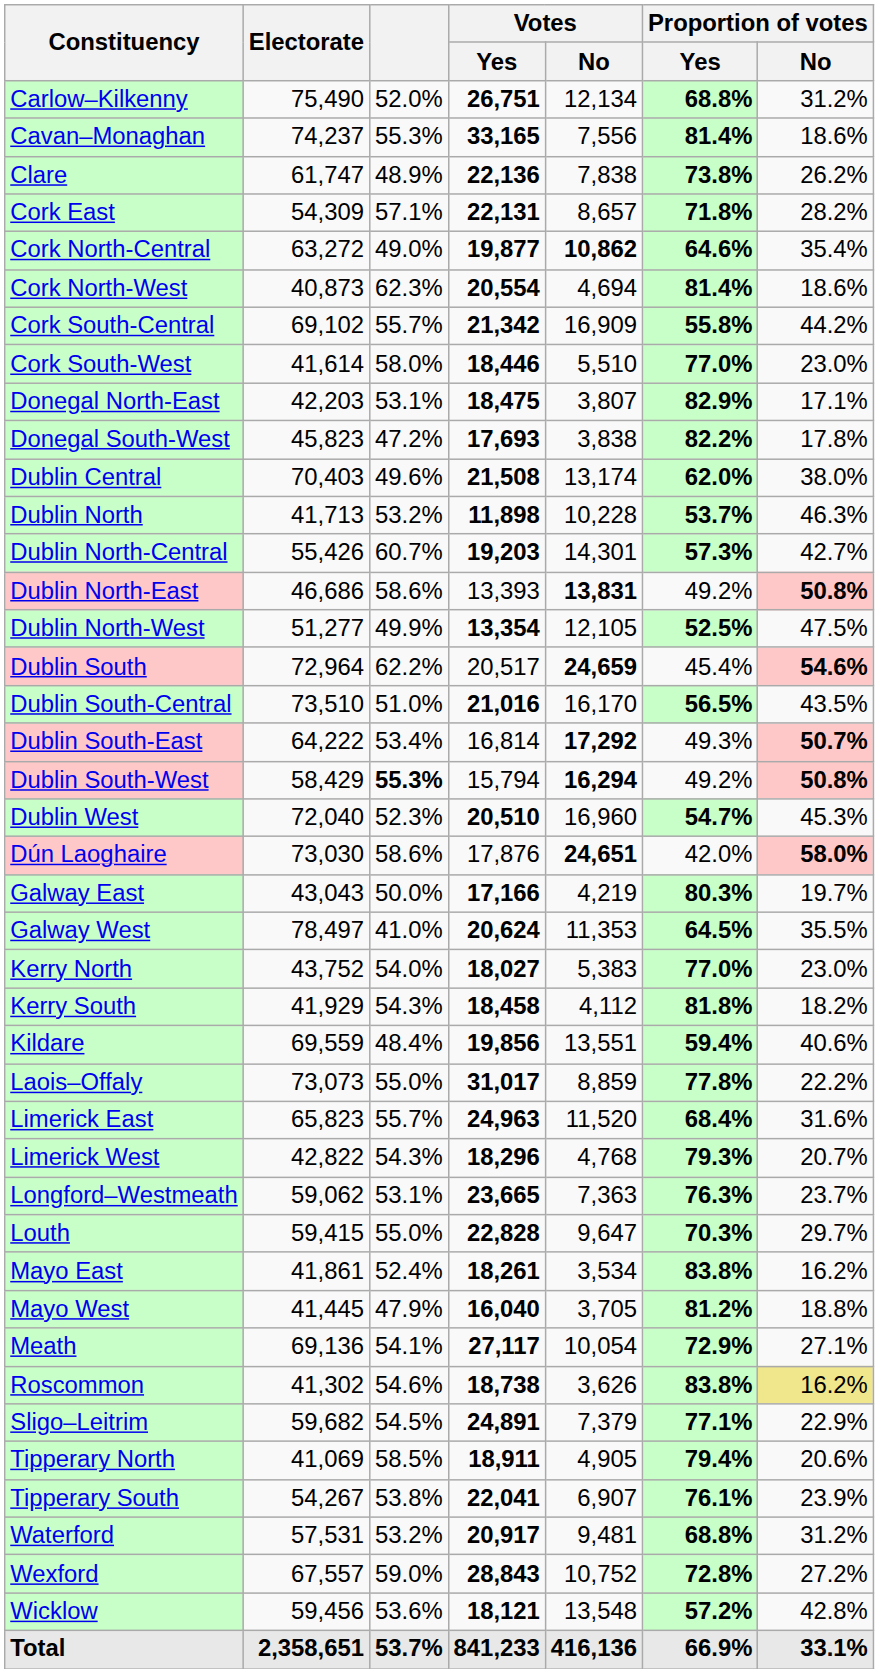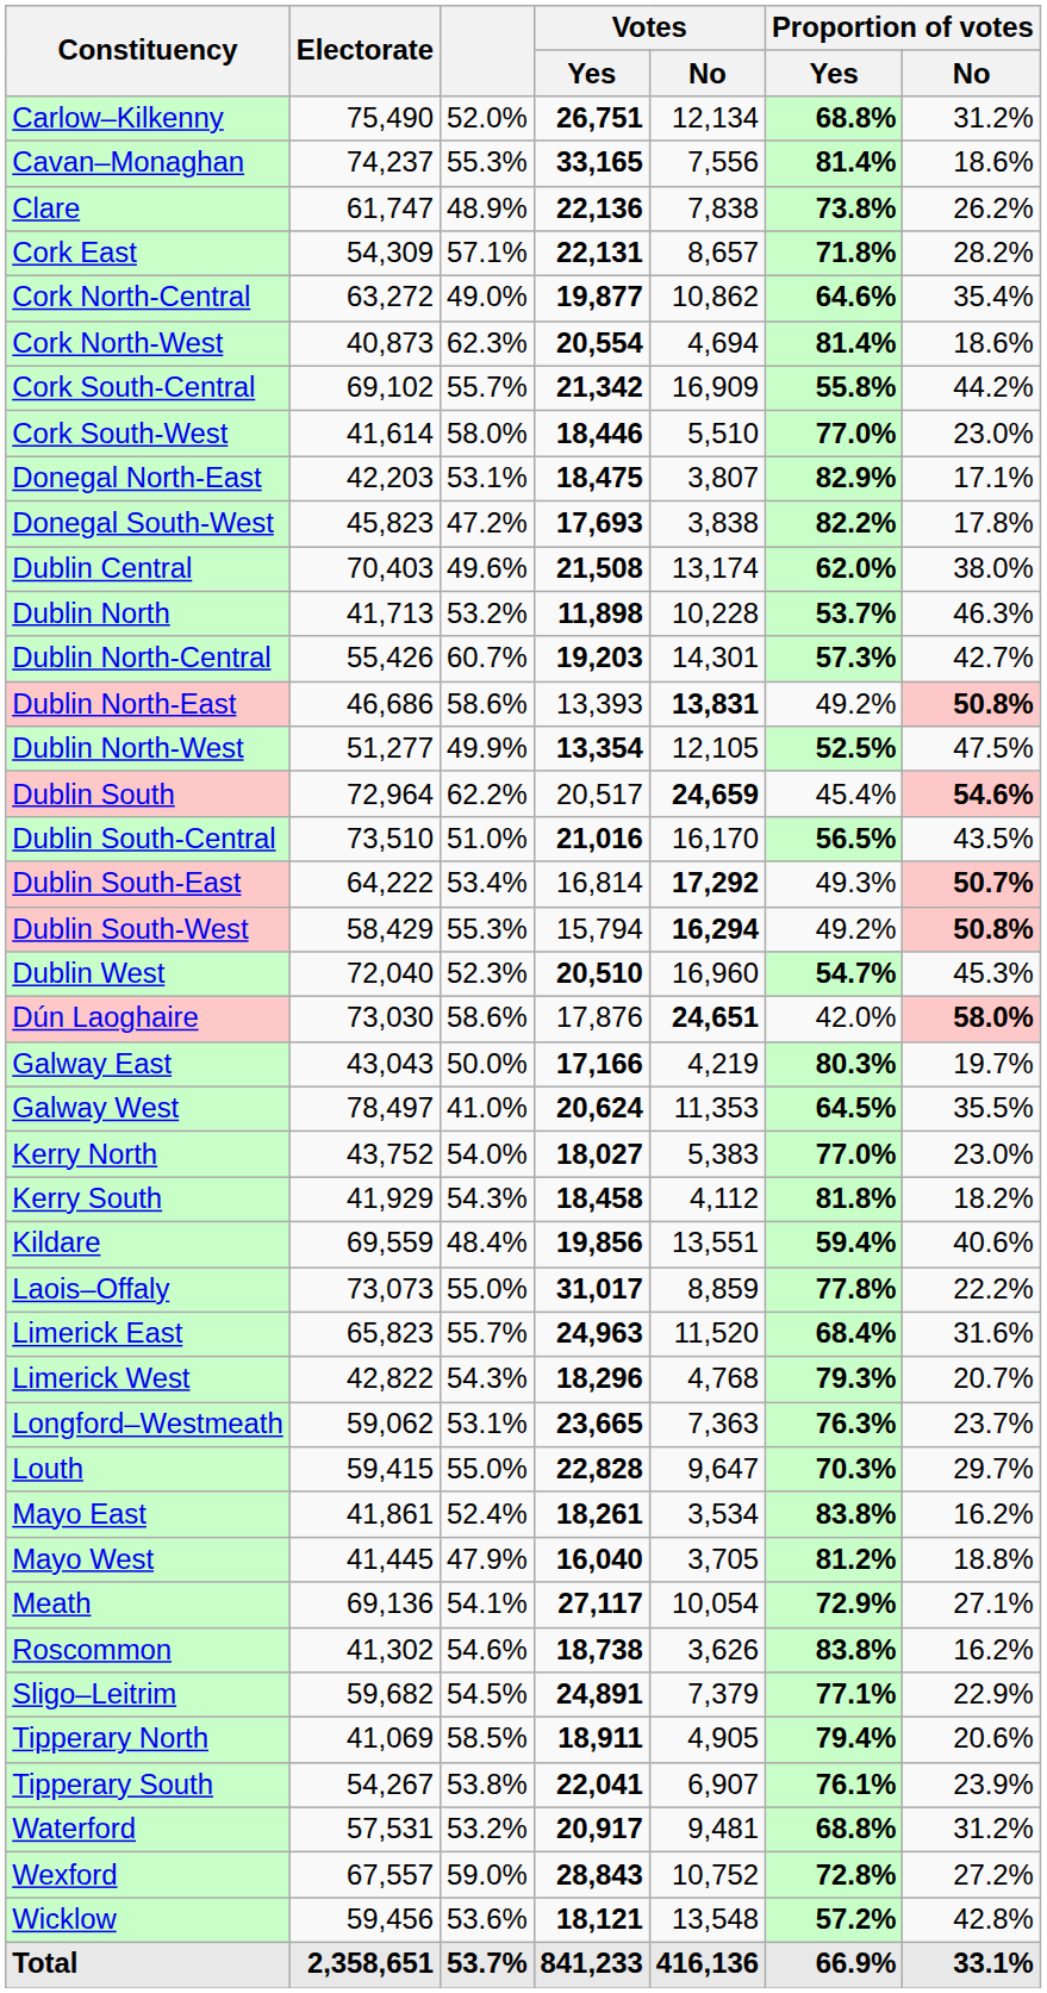 <table class="wikitable sortable">
 <tr>
 <th rowspan=2>Constituency</th>
 <th rowspan=2>Electorate</th>
 <th rowspan=2></th>
 <th colspan=2>Votes</th>
 <th colspan=2>Proportion of votes</th>
 </tr>
 <tr>
 <th>Yes</th>
 <th>No</th>
 <th>Yes</th>
 <th>No</th>
 </tr>
 <tr>
 <td style="background:#c8ffc8;"><a href='#'>Carlow–Kilkenny</a></td>
 <td style="text-align: right;">75,490</td>
 <td style="text-align: right;">52.0%</td>
 <td style="text-align: right;"><strong>26,751</strong></td>
 <td style="text-align: right;">12,134</td>
 <td style="text-align: right; background:#c8ffc8;"><strong>68.8%</strong></td>
 <td style="text-align: right;">31.2%</td>
 </tr>
 <tr>
 <td style="background:#c8ffc8;"><a href='#'>Cavan–Monaghan</a></td>
 <td style="text-align: right;">74,237</td>
 <td style="text-align: right;">55.3%</td>
 <td style="text-align: right;"><strong>33,165</strong></td>
 <td style="text-align: right;">7,556</td>
 <td style="text-align: right; background:#c8ffc8;"><strong>81.4%</strong></td>
 <td style="text-align: right;">18.6%</td>
 </tr>
 <tr>
 <td style="background:#c8ffc8;"><a href='#'>Clare</a></td>
 <td style="text-align: right;">61,747</td>
 <td style="text-align: right;">48.9%</td>
 <td style="text-align: right;"><strong>22,136</strong></td>
 <td style="text-align: right;">7,838</td>
 <td style="text-align: right; background:#c8ffc8;"><strong>73.8%</strong></td>
 <td style="text-align: right;">26.2%</td>
 </tr>
 <tr>
 <td style="background:#c8ffc8;"><a href='#'>Cork East</a></td>
 <td style="text-align: right;">54,309</td>
 <td style="text-align: right;">57.1%</td>
 <td style="text-align: right;"><strong>22,131</strong></td>
 <td style="text-align: right;">8,657</td>
 <td style="text-align: right; background:#c8ffc8;"><strong>71.8%</strong></td>
 <td style="text-align: right;">28.2%</td>
 </tr>
 <tr>
 <td style="background:#c8ffc8;"><a href='#'>Cork North-Central</a></td>
 <td style="text-align: right;">63,272</td>
 <td style="text-align: right;">49.0%</td>
 <td style="text-align: right;"><strong>19,877</strong></td>
-<td style="text-align: right;"><strong>10,862</strong></td>
+<td style="text-align: right;">10,862</td>
 <td style="text-align: right; background:#c8ffc8;"><strong>64.6%</strong></td>
 <td style="text-align: right;">35.4%</td>
 </tr>
 <tr>
 <td style="background:#c8ffc8;"><a href='#'>Cork North-West</a></td>
 <td style="text-align: right;">40,873</td>
 <td style="text-align: right;">62.3%</td>
 <td style="text-align: right;"><strong>20,554</strong></td>
 <td style="text-align: right;">4,694</td>
 <td style="text-align: right; background:#c8ffc8;"><strong>81.4%</strong></td>
 <td style="text-align: right;">18.6%</td>
 </tr>
 <tr>
 <td style="background:#c8ffc8;"><a href='#'>Cork South-Central</a></td>
 <td style="text-align: right;">69,102</td>
 <td style="text-align: right;">55.7%</td>
 <td style="text-align: right;"><strong>21,342</strong></td>
 <td style="text-align: right;">16,909</td>
 <td style="text-align: right; background:#c8ffc8;"><strong>55.8%</strong></td>
 <td style="text-align: right;">44.2%</td>
 </tr>
 <tr>
 <td style="background:#c8ffc8;"><a href='#'>Cork South-West</a></td>
 <td style="text-align: right;">41,614</td>
 <td style="text-align: right;">58.0%</td>
 <td style="text-align: right;"><strong>18,446</strong></td>
 <td style="text-align: right;">5,510</td>
 <td style="text-align: right; background:#c8ffc8;"><strong>77.0%</strong></td>
 <td style="text-align: right;">23.0%</td>
 </tr>
 <tr>
 <td style="background:#c8ffc8;"><a href='#'>Donegal North-East</a></td>
 <td style="text-align: right;">42,203</td>
 <td style="text-align: right;">53.1%</td>
 <td style="text-align: right;"><strong>18,475</strong></td>
 <td style="text-align: right;">3,807</td>
 <td style="text-align: right; background:#c8ffc8;"><strong>82.9%</strong></td>
 <td style="text-align: right;">17.1%</td>
 </tr>
 <tr>
 <td style="background:#c8ffc8;"><a href='#'>Donegal South-West</a></td>
 <td style="text-align: right;">45,823</td>
 <td style="text-align: right;">47.2%</td>
 <td style="text-align: right;"><strong>17,693</strong></td>
 <td style="text-align: right;">3,838</td>
 <td style="text-align: right; background:#c8ffc8;"><strong>82.2%</strong></td>
 <td style="text-align: right;">17.8%</td>
 </tr>
 <tr>
 <td style="background:#c8ffc8;"><a href='#'>Dublin Central</a></td>
 <td style="text-align: right;">70,403</td>
 <td style="text-align: right;">49.6%</td>
 <td style="text-align: right;"><strong>21,508</strong></td>
 <td style="text-align: right;">13,174</td>
 <td style="text-align: right; background:#c8ffc8;"><strong>62.0%</strong></td>
 <td style="text-align: right;">38.0%</td>
 </tr>
 <tr>
 <td style="background:#c8ffc8;"><a href='#'>Dublin North</a></td>
 <td style="text-align: right;">41,713</td>
 <td style="text-align: right;">53.2%</td>
 <td style="text-align: right;"><strong>11,898</strong></td>
 <td style="text-align: right;">10,228</td>
 <td style="text-align: right; background:#c8ffc8;"><strong>53.7%</strong></td>
 <td style="text-align: right;">46.3%</td>
 </tr>
 <tr>
 <td style="background:#c8ffc8;"><a href='#'>Dublin North-Central</a></td>
 <td style="text-align: right;">55,426</td>
 <td style="text-align: right;">60.7%</td>
 <td style="text-align: right;"><strong>19,203</strong></td>
 <td style="text-align: right;">14,301</td>
 <td style="text-align: right; background:#c8ffc8;"><strong>57.3%</strong></td>
 <td style="text-align: right;">42.7%</td>
 </tr>
 <tr>
 <td style="background:#ffc8c8;"><a href='#'>Dublin North-East</a></td>
 <td style="text-align: right;">46,686</td>
 <td style="text-align: right;">58.6%</td>
 <td style="text-align: right;">13,393</td>
 <td style="text-align: right;"><strong>13,831</strong></td>
 <td style="text-align: right;">49.2%</td>
 <td style="text-align: right; background:#ffc8c8;"><strong>50.8%</strong></td>
 </tr>
 <tr>
 <td style="background:#c8ffc8;"><a href='#'>Dublin North-West</a></td>
 <td style="text-align: right;">51,277</td>
 <td style="text-align: right;">49.9%</td>
 <td style="text-align: right;"><strong>13,354</strong></td>
 <td style="text-align: right;">12,105</td>
 <td style="text-align: right; background:#c8ffc8;"><strong>52.5%</strong></td>
 <td style="text-align: right;">47.5%</td>
 </tr>
 <tr>
 <td style="background:#ffc8c8;"><a href='#'>Dublin South</a></td>
 <td style="text-align: right;">72,964</td>
 <td style="text-align: right;">62.2%</td>
 <td style="text-align: right;">20,517</td>
 <td style="text-align: right;"><strong>24,659</strong></td>
 <td style="text-align: right;">45.4%</td>
 <td style="text-align: right; background:#ffc8c8;"><strong>54.6%</strong></td>
 </tr>
 <tr>
 <td style="background:#c8ffc8;"><a href='#'>Dublin South-Central</a></td>
 <td style="text-align: right;">73,510</td>
 <td style="text-align: right;">51.0%</td>
 <td style="text-align: right;"><strong>21,016</strong></td>
 <td style="text-align: right;">16,170</td>
 <td style="text-align: right; background:#c8ffc8;"><strong>56.5%</strong></td>
 <td style="text-align: right;">43.5%</td>
 </tr>
 <tr>
 <td style="background:#ffc8c8;"><a href='#'>Dublin South-East</a></td>
 <td style="text-align: right;">64,222</td>
 <td style="text-align: right;">53.4%</td>
 <td style="text-align: right;">16,814</td>
 <td style="text-align: right;"><strong>17,292</strong></td>
 <td style="text-align: right;">49.3%</td>
 <td style="text-align: right; background:#ffc8c8;"><strong>50.7%</strong></td>
 </tr>
 <tr>
 <td style="background:#ffc8c8;"><a href='#'>Dublin South-West</a></td>
 <td style="text-align: right;">58,429</td>
-<td style="text-align: right;"><strong>55.3%</strong></td>
+<td style="text-align: right;">55.3%</td>
 <td style="text-align: right;">15,794</td>
 <td style="text-align: right;"><strong>16,294</strong></td>
 <td style="text-align: right;">49.2%</td>
 <td style="text-align: right; background:#ffc8c8;"><strong>50.8%</strong></td>
 </tr>
 <tr>
 <td style="background:#c8ffc8;"><a href='#'>Dublin West</a></td>
 <td style="text-align: right;">72,040</td>
 <td style="text-align: right;">52.3%</td>
 <td style="text-align: right;"><strong>20,510</strong></td>
 <td style="text-align: right;">16,960</td>
 <td style="text-align: right; background:#c8ffc8;"><strong>54.7%</strong></td>
 <td style="text-align: right;">45.3%</td>
 </tr>
 <tr>
 <td style="background:#ffc8c8;"><a href='#'>Dún Laoghaire</a></td>
 <td style="text-align: right;">73,030</td>
 <td style="text-align: right;">58.6%</td>
 <td style="text-align: right;">17,876</td>
 <td style="text-align: right;"><strong>24,651</strong></td>
 <td style="text-align: right;">42.0%</td>
 <td style="text-align: right; background:#ffc8c8;"><strong>58.0%</strong></td>
 </tr>
 <tr>
 <td style="background:#c8ffc8;"><a href='#'>Galway East</a></td>
 <td style="text-align: right;">43,043</td>
 <td style="text-align: right;">50.0%</td>
 <td style="text-align: right;"><strong>17,166</strong></td>
 <td style="text-align: right;">4,219</td>
 <td style="text-align: right; background:#c8ffc8;"><strong>80.3%</strong></td>
 <td style="text-align: right;">19.7%</td>
 </tr>
 <tr>
 <td style="background:#c8ffc8;"><a href='#'>Galway West</a></td>
 <td style="text-align: right;">78,497</td>
 <td style="text-align: right;">41.0%</td>
 <td style="text-align: right;"><strong>20,624</strong></td>
 <td style="text-align: right;">11,353</td>
 <td style="text-align: right; background:#c8ffc8;"><strong>64.5%</strong></td>
 <td style="text-align: right;">35.5%</td>
 </tr>
 <tr>
 <td style="background:#c8ffc8;"><a href='#'>Kerry North</a></td>
 <td style="text-align: right;">43,752</td>
 <td style="text-align: right;">54.0%</td>
 <td style="text-align: right;"><strong>18,027</strong></td>
 <td style="text-align: right;">5,383</td>
 <td style="text-align: right; background:#c8ffc8;"><strong>77.0%</strong></td>
 <td style="text-align: right;">23.0%</td>
 </tr>
 <tr>
 <td style="background:#c8ffc8;"><a href='#'>Kerry South</a></td>
 <td style="text-align: right;">41,929</td>
 <td style="text-align: right;">54.3%</td>
 <td style="text-align: right;"><strong>18,458</strong></td>
 <td style="text-align: right;">4,112</td>
 <td style="text-align: right; background:#c8ffc8;"><strong>81.8%</strong></td>
 <td style="text-align: right;">18.2%</td>
 </tr>
 <tr>
 <td style="background:#c8ffc8;"><a href='#'>Kildare</a></td>
 <td style="text-align: right;">69,559</td>
 <td style="text-align: right;">48.4%</td>
 <td style="text-align: right;"><strong>19,856</strong></td>
 <td style="text-align: right;">13,551</td>
 <td style="text-align: right; background:#c8ffc8;"><strong>59.4%</strong></td>
 <td style="text-align: right;">40.6%</td>
 </tr>
 <tr>
 <td style="background:#c8ffc8;"><a href='#'>Laois–Offaly</a></td>
 <td style="text-align: right;">73,073</td>
 <td style="text-align: right;">55.0%</td>
 <td style="text-align: right;"><strong>31,017</strong></td>
 <td style="text-align: right;">8,859</td>
 <td style="text-align: right; background:#c8ffc8;"><strong>77.8%</strong></td>
 <td style="text-align: right;">22.2%</td>
 </tr>
 <tr>
 <td style="background:#c8ffc8;"><a href='#'>Limerick East</a></td>
 <td style="text-align: right;">65,823</td>
 <td style="text-align: right;">55.7%</td>
 <td style="text-align: right;"><strong>24,963</strong></td>
 <td style="text-align: right;">11,520</td>
 <td style="text-align: right; background:#c8ffc8;"><strong>68.4%</strong></td>
 <td style="text-align: right;">31.6%</td>
 </tr>
 <tr>
 <td style="background:#c8ffc8;"><a href='#'>Limerick West</a></td>
 <td style="text-align: right;">42,822</td>
 <td style="text-align: right;">54.3%</td>
 <td style="text-align: right;"><strong>18,296</strong></td>
 <td style="text-align: right;">4,768</td>
 <td style="text-align: right; background:#c8ffc8;"><strong>79.3%</strong></td>
 <td style="text-align: right;">20.7%</td>
 </tr>
 <tr>
 <td style="background:#c8ffc8;"><a href='#'>Longford–Westmeath</a></td>
 <td style="text-align: right;">59,062</td>
 <td style="text-align: right;">53.1%</td>
 <td style="text-align: right;"><strong>23,665</strong></td>
 <td style="text-align: right;">7,363</td>
 <td style="text-align: right; background:#c8ffc8;"><strong>76.3%</strong></td>
 <td style="text-align: right;">23.7%</td>
 </tr>
 <tr>
 <td style="background:#c8ffc8;"><a href='#'>Louth</a></td>
 <td style="text-align: right;">59,415</td>
 <td style="text-align: right;">55.0%</td>
 <td style="text-align: right;"><strong>22,828</strong></td>
 <td style="text-align: right;">9,647</td>
 <td style="text-align: right; background:#c8ffc8;"><strong>70.3%</strong></td>
 <td style="text-align: right;">29.7%</td>
 </tr>
 <tr>
 <td style="background:#c8ffc8;"><a href='#'>Mayo East</a></td>
 <td style="text-align: right;">41,861</td>
 <td style="text-align: right;">52.4%</td>
 <td style="text-align: right;"><strong>18,261</strong></td>
 <td style="text-align: right;">3,534</td>
 <td style="text-align: right; background:#c8ffc8;"><strong>83.8%</strong></td>
 <td style="text-align: right;">16.2%</td>
 </tr>
 <tr>
 <td style="background:#c8ffc8;"><a href='#'>Mayo West</a></td>
 <td style="text-align: right;">41,445</td>
 <td style="text-align: right;">47.9%</td>
 <td style="text-align: right;"><strong>16,040</strong></td>
 <td style="text-align: right;">3,705</td>
 <td style="text-align: right; background:#c8ffc8;"><strong>81.2%</strong></td>
 <td style="text-align: right;">18.8%</td>
 </tr>
 <tr>
 <td style="background:#c8ffc8;"><a href='#'>Meath</a></td>
 <td style="text-align: right;">69,136</td>
 <td style="text-align: right;">54.1%</td>
 <td style="text-align: right;"><strong>27,117</strong></td>
 <td style="text-align: right;">10,054</td>
 <td style="text-align: right; background:#c8ffc8;"><strong>72.9%</strong></td>
 <td style="text-align: right;">27.1%</td>
 </tr>
 <tr>
 <td style="background:#c8ffc8;"><a href='#'>Roscommon</a></td>
 <td style="text-align: right;">41,302</td>
 <td style="text-align: right;">54.6%</td>
 <td style="text-align: right;"><strong>18,738</strong></td>
 <td style="text-align: right;">3,626</td>
 <td style="text-align: right; background:#c8ffc8;"><strong>83.8%</strong></td>
-<td style="background: khaki; text-align: right;">16.2%</td>
+<td style="text-align: right;">16.2%</td>
 </tr>
 <tr>
 <td style="background:#c8ffc8;"><a href='#'>Sligo–Leitrim</a></td>
 <td style="text-align: right;">59,682</td>
 <td style="text-align: right;">54.5%</td>
 <td style="text-align: right;"><strong>24,891</strong></td>
 <td style="text-align: right;">7,379</td>
 <td style="text-align: right; background:#c8ffc8;"><strong>77.1%</strong></td>
 <td style="text-align: right;">22.9%</td>
 </tr>
 <tr>
 <td style="background:#c8ffc8;"><a href='#'>Tipperary North</a></td>
 <td style="text-align: right;">41,069</td>
 <td style="text-align: right;">58.5%</td>
 <td style="text-align: right;"><strong>18,911</strong></td>
 <td style="text-align: right;">4,905</td>
 <td style="text-align: right; background:#c8ffc8;"><strong>79.4%</strong></td>
 <td style="text-align: right;">20.6%</td>
 </tr>
 <tr>
 <td style="background:#c8ffc8;"><a href='#'>Tipperary South</a></td>
 <td style="text-align: right;">54,267</td>
 <td style="text-align: right;">53.8%</td>
 <td style="text-align: right;"><strong>22,041</strong></td>
 <td style="text-align: right;">6,907</td>
 <td style="text-align: right; background:#c8ffc8;"><strong>76.1%</strong></td>
 <td style="text-align: right;">23.9%</td>
 </tr>
 <tr>
 <td style="background:#c8ffc8;"><a href='#'>Waterford</a></td>
 <td style="text-align: right;">57,531</td>
 <td style="text-align: right;">53.2%</td>
 <td style="text-align: right;"><strong>20,917</strong></td>
 <td style="text-align: right;">9,481</td>
 <td style="text-align: right; background:#c8ffc8;"><strong>68.8%</strong></td>
 <td style="text-align: right;">31.2%</td>
 </tr>
 <tr>
 <td style="background:#c8ffc8;"><a href='#'>Wexford</a></td>
 <td style="text-align: right;">67,557</td>
 <td style="text-align: right;">59.0%</td>
 <td style="text-align: right;"><strong>28,843</strong></td>
 <td style="text-align: right;">10,752</td>
 <td style="text-align: right; background:#c8ffc8;"><strong>72.8%</strong></td>
 <td style="text-align: right;">27.2%</td>
 </tr>
 <tr>
 <td style="background:#c8ffc8;"><a href='#'>Wicklow</a></td>
 <td style="text-align: right;">59,456</td>
 <td style="text-align: right;">53.6%</td>
 <td style="text-align: right;"><strong>18,121</strong></td>
 <td style="text-align: right;">13,548</td>
 <td style="text-align: right; background:#c8ffc8;"><strong>57.2%</strong></td>
 <td style="text-align: right;">42.8%</td>
 </tr>
 <tr class="sortbottom" style="font-weight:bold; background:rgb(232,232,232);">
 <td>Total</td>
 <td style="text-align: right;">2,358,651</td>
 <td style="text-align: right;">53.7%</td>
 <td style="text-align: right;">841,233</td>
 <td style="text-align: right;">416,136</td>
 <td style="text-align: right;">66.9%</td>
 <td style="text-align: right;">33.1%</td>
 </tr>
 </table>
